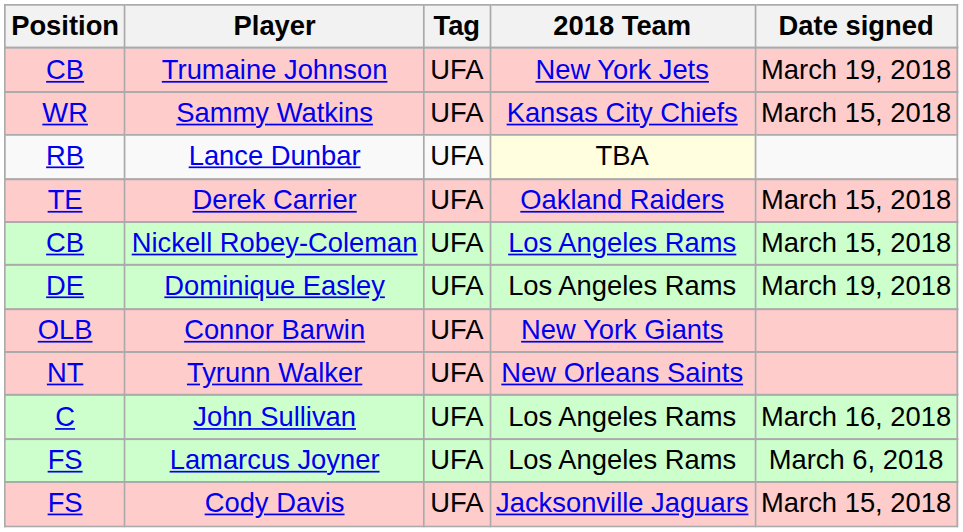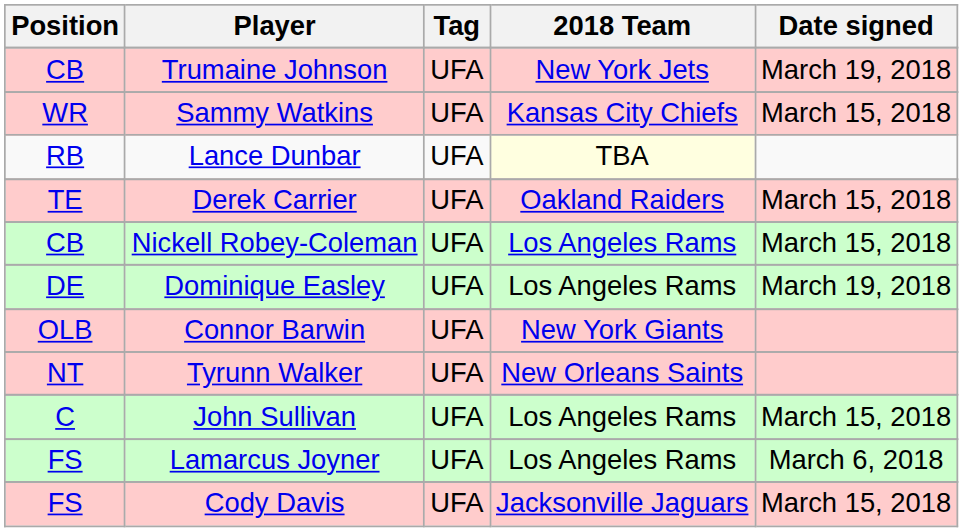 <table class="wikitable" style="text-align:center">
 <tr>
 <th>Position</th>
 <th>Player</th>
 <th>Tag</th>
 <th>2018 Team</th>
 <th>Date signed</th>
 </tr>
 <tr>
 </tr>
 <tr style="background:#fcc">
 <td><a href='#'>CB</a></td>
 <td><a href='#'>Trumaine Johnson</a></td>
 <td>UFA</td>
 <td><a href='#'>New York Jets</a></td>
 <td>March 19, 2018</td>
 </tr>
 <tr>
 </tr>
 <tr style="background:#fcc">
 <td><a href='#'>WR</a></td>
 <td><a href='#'>Sammy Watkins</a></td>
 <td>UFA</td>
 <td><a href='#'>Kansas City Chiefs</a></td>
 <td>March 15, 2018</td>
 </tr>
 <tr>
 <td><a href='#'>RB</a></td>
 <td><a href='#'>Lance Dunbar</a></td>
 <td>UFA</td>
 <td style="background: lightyellow;">TBA</td>
 <td></td>
 </tr>
 <tr>
 </tr>
 <tr style="background:#fcc">
 <td><a href='#'>TE</a></td>
 <td><a href='#'>Derek Carrier</a></td>
 <td>UFA</td>
 <td><a href='#'>Oakland Raiders</a></td>
 <td>March 15, 2018</td>
 </tr>
 <tr>
 </tr>
 <tr style="background:#cfc">
 <td><a href='#'>CB</a></td>
 <td><a href='#'>Nickell Robey-Coleman</a></td>
 <td>UFA</td>
 <td><a href='#'>Los Angeles Rams</a></td>
 <td>March 15, 2018</td>
 </tr>
 <tr>
 </tr>
 <tr style="background:#cfc">
 <td><a href='#'>DE</a></td>
 <td><a href='#'>Dominique Easley</a></td>
 <td>UFA</td>
 <td>Los Angeles Rams</td>
 <td>March 19, 2018</td>
 </tr>
 <tr>
 </tr>
 <tr style="background:#fcc">
 <td><a href='#'>OLB</a></td>
 <td><a href='#'>Connor Barwin</a></td>
 <td>UFA</td>
 <td><a href='#'>New York Giants</a></td>
 <td></td>
 </tr>
 <tr>
 </tr>
 <tr style="background:#fcc">
 <td><a href='#'>NT</a></td>
 <td><a href='#'>Tyrunn Walker</a></td>
 <td>UFA</td>
 <td><a href='#'>New Orleans Saints</a></td>
 <td></td>
 </tr>
 <tr>
 </tr>
 <tr style="background:#cfc">
 <td><a href='#'>C</a></td>
 <td><a href='#'>John Sullivan</a></td>
 <td>UFA</td>
 <td>Los Angeles Rams</td>
-<td>March 16, 2018</td>
+<td>March 15, 2018</td>
 </tr>
 <tr>
 </tr>
 <tr style="background:#cfc">
 <td><a href='#'>FS</a></td>
 <td><a href='#'>Lamarcus Joyner</a></td>
 <td>UFA</td>
 <td>Los Angeles Rams</td>
 <td>March 6, 2018</td>
 </tr>
 <tr>
 </tr>
 <tr style="background:#fcc">
 <td><a href='#'>FS</a></td>
 <td><a href='#'>Cody Davis</a></td>
 <td>UFA</td>
 <td><a href='#'>Jacksonville Jaguars</a></td>
 <td>March 15, 2018</td>
 </tr>
 </table>
